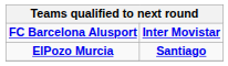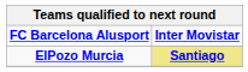 <table class="wikitable" style="text-align: center; margin: 0 auto;">
 <tr>
 <th colspan="4">Teams qualified to next round</th>
 </tr>
 <tr>
 <td><strong><a href='#'>FC Barcelona Alusport</a></strong></td>
 <td><strong><a href='#'>Inter Movistar</a></strong></td>
 </tr>
 <tr>
 <td><strong><a href='#'>ElPozo Murcia</a></strong></td>
-<td><strong><a href='#'>Santiago</a></strong></td>
+<td style="background: khaki;"><strong><a href='#'>Santiago</a></strong></td>
 </tr>
 <tr>
 </tr>
 </table>
